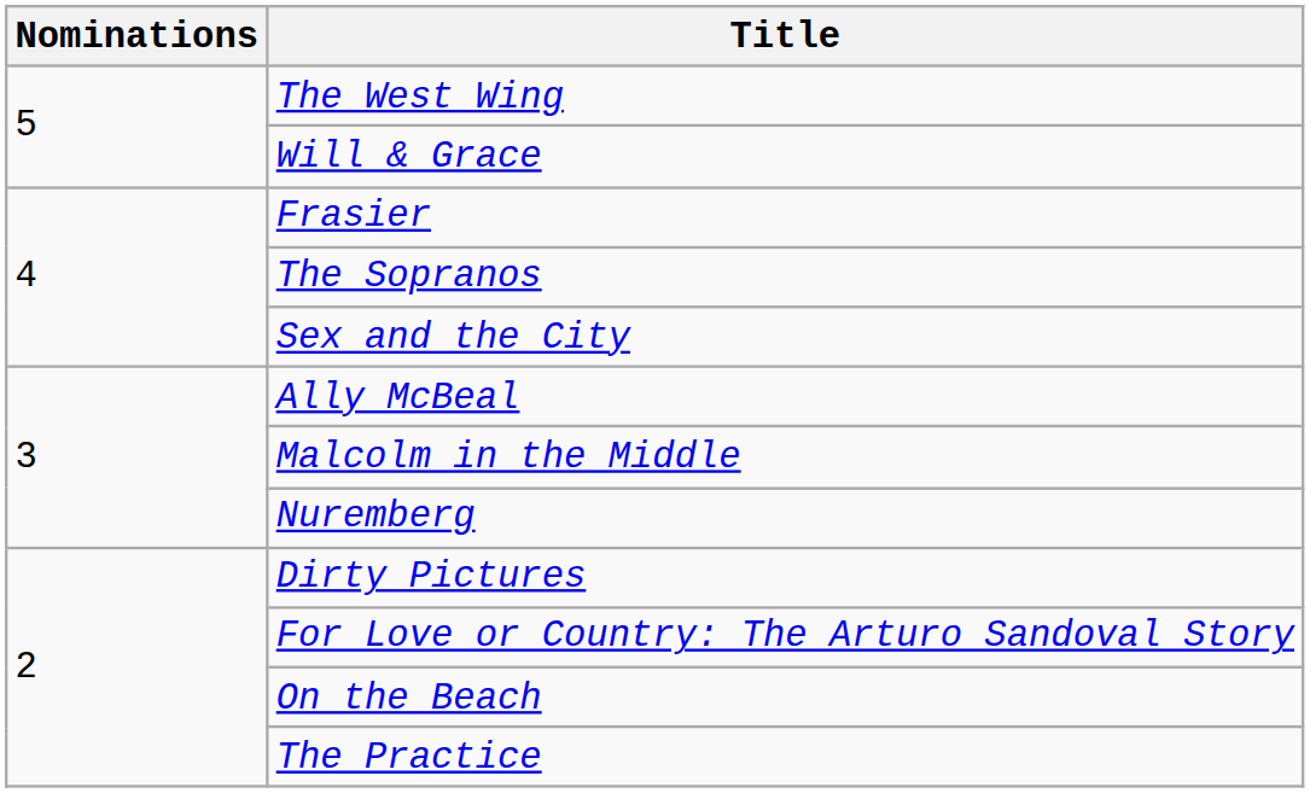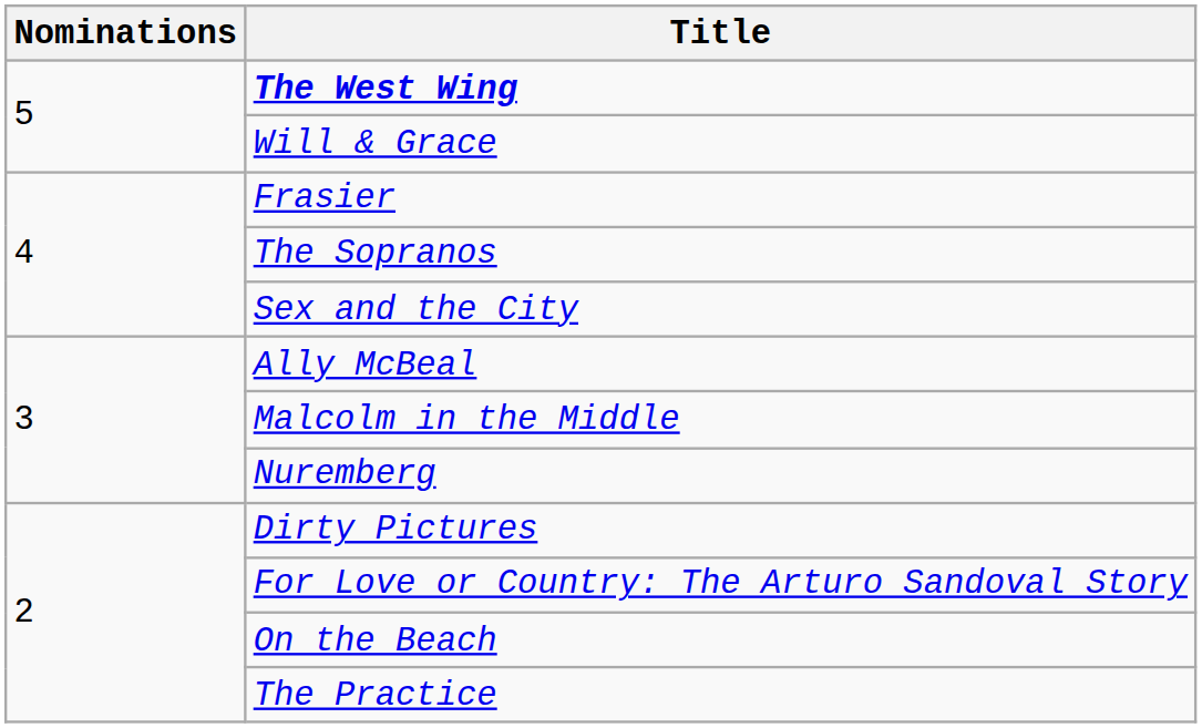 <table class="wikitable">
 <tr>
 <th>Nominations</th>
 <th>Title</th>
 </tr>
 <tr>
 <td rowspan="2">5</td>
-<td><em><a href='#'>The West Wing</a></em></td>
+<td><strong><em><a href='#'>The West Wing</a></em></strong></td>
 </tr>
 <tr>
 <td><em><a href='#'>Will & Grace</a></em></td>
 </tr>
 <tr>
 <td rowspan="3">4</td>
 <td><em><a href='#'>Frasier</a></em></td>
 </tr>
 <tr>
 <td><em><a href='#'>The Sopranos</a></em></td>
 </tr>
 <tr>
 <td><em><a href='#'>Sex and the City</a></em></td>
 </tr>
 <tr>
 <td rowspan="3">3</td>
 <td><em><a href='#'>Ally McBeal</a></em></td>
 </tr>
 <tr>
 <td><em><a href='#'>Malcolm in the Middle</a></em></td>
 </tr>
 <tr>
 <td><em><a href='#'>Nuremberg</a></em></td>
 </tr>
 <tr>
 <td rowspan="4">2</td>
 <td><em><a href='#'>Dirty Pictures</a></em></td>
 </tr>
 <tr>
 <td><em><a href='#'>For Love or Country: The Arturo Sandoval Story</a></em></td>
 </tr>
 <tr>
 <td><em><a href='#'>On the Beach</a></em></td>
 </tr>
 <tr>
 <td><em><a href='#'>The Practice</a></em></td>
 </tr>
 </table>
